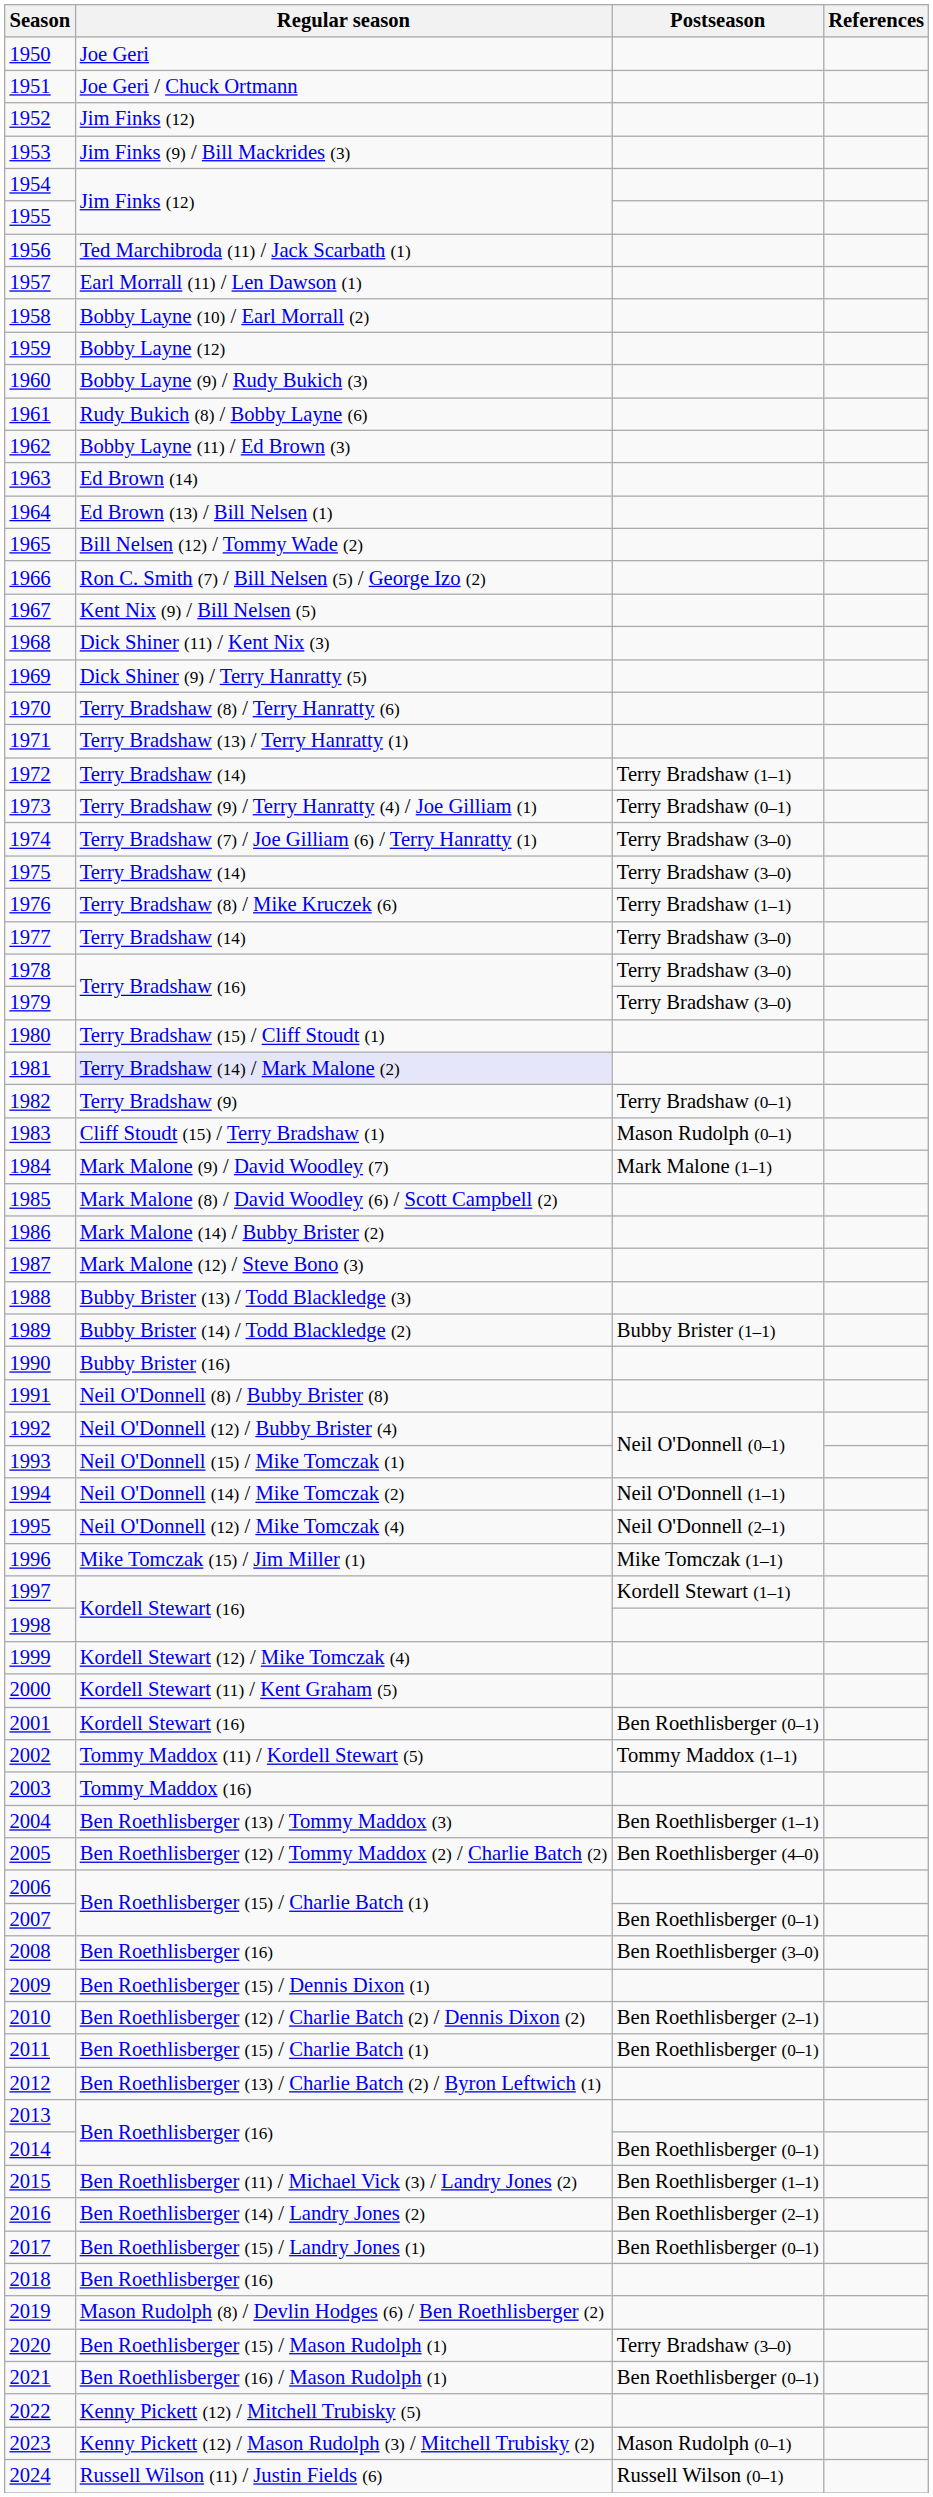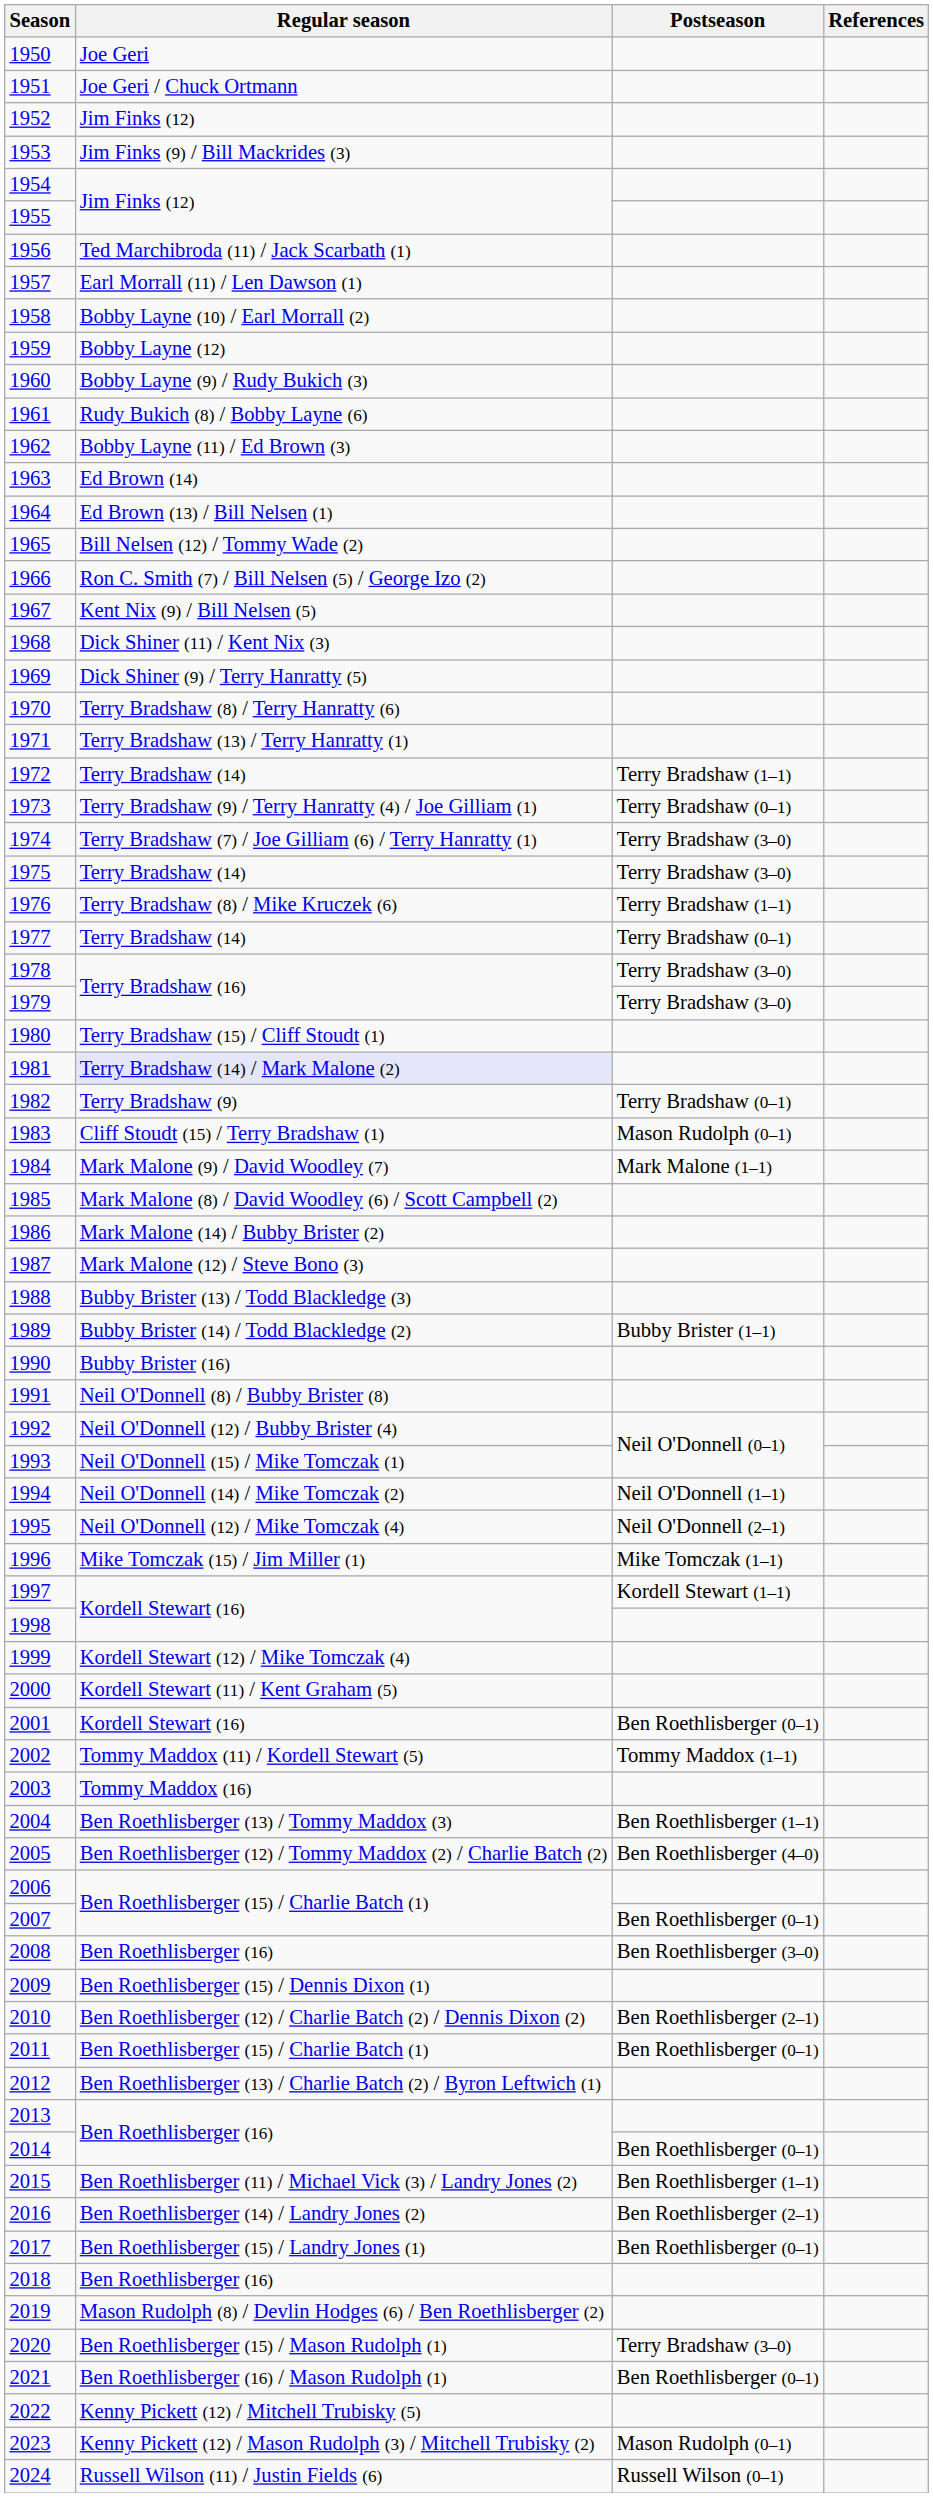 <table class="wikitable">
 <tr>
 <th>Season</th>
 <th>Regular season</th>
 <th>Postseason</th>
 <th>References</th>
 </tr>
 <tr>
 <td><a href='#'>1950</a></td>
 <td><a href='#'>Joe Geri</a></td>
 <td></td>
 <td align="center"></td>
 </tr>
 <tr>
 <td><a href='#'>1951</a></td>
 <td><a href='#'>Joe Geri</a> / <a href='#'>Chuck Ortmann</a></td>
 <td></td>
 <td align="center"></td>
 </tr>
 <tr>
 <td><a href='#'>1952</a></td>
 <td><a href='#'>Jim Finks</a> <small>(12)</small></td>
 <td></td>
 <td align="center"></td>
 </tr>
 <tr>
 <td><a href='#'>1953</a></td>
 <td><a href='#'>Jim Finks</a> <small>(9)</small> / <a href='#'>Bill Mackrides</a> <small>(3)</small></td>
 <td></td>
 <td align="center"></td>
 </tr>
 <tr>
 <td><a href='#'>1954</a></td>
 <td rowspan="2"><a href='#'>Jim Finks</a> <small>(12)</small></td>
 <td></td>
 <td align="center"></td>
 </tr>
 <tr>
 <td><a href='#'>1955</a></td>
 <td></td>
 <td align="center"></td>
 </tr>
 <tr>
 <td><a href='#'>1956</a></td>
 <td><a href='#'>Ted Marchibroda</a> <small>(11)</small> / <a href='#'>Jack Scarbath</a> <small>(1)</small></td>
 <td></td>
 <td align="center"></td>
 </tr>
 <tr>
 <td><a href='#'>1957</a></td>
 <td><a href='#'>Earl Morrall</a> <small>(11)</small> / <a href='#'>Len Dawson</a> <small>(1)</small></td>
 <td></td>
 <td align="center"></td>
 </tr>
 <tr>
 <td><a href='#'>1958</a></td>
 <td><a href='#'>Bobby Layne</a> <small>(10)</small> / <a href='#'>Earl Morrall</a> <small>(2)</small></td>
 <td></td>
 <td align="center"></td>
 </tr>
 <tr>
 <td><a href='#'>1959</a></td>
 <td><a href='#'>Bobby Layne</a> <small>(12)</small></td>
 <td></td>
 <td align="center"></td>
 </tr>
 <tr>
 <td><a href='#'>1960</a></td>
 <td><a href='#'>Bobby Layne</a> <small>(9)</small> / <a href='#'>Rudy Bukich</a> <small>(3)</small></td>
 <td></td>
 <td align="center"></td>
 </tr>
 <tr>
 <td><a href='#'>1961</a></td>
 <td><a href='#'>Rudy Bukich</a> <small>(8)</small> / <a href='#'>Bobby Layne</a> <small>(6)</small></td>
 <td></td>
 <td align="center"></td>
 </tr>
 <tr>
 <td><a href='#'>1962</a></td>
 <td><a href='#'>Bobby Layne</a> <small>(11)</small> / <a href='#'>Ed Brown</a> <small>(3)</small></td>
 <td></td>
 <td align="center"></td>
 </tr>
 <tr>
 <td><a href='#'>1963</a></td>
 <td><a href='#'>Ed Brown</a> <small>(14)</small></td>
 <td></td>
 <td align="center"></td>
 </tr>
 <tr>
 <td><a href='#'>1964</a></td>
 <td><a href='#'>Ed Brown</a> <small>(13)</small> / <a href='#'>Bill Nelsen</a> <small>(1)</small></td>
 <td></td>
 <td align="center"></td>
 </tr>
 <tr>
 <td><a href='#'>1965</a></td>
 <td><a href='#'>Bill Nelsen</a> <small>(12)</small> / <a href='#'>Tommy Wade</a> <small>(2)</small></td>
 <td></td>
 <td align="center"></td>
 </tr>
 <tr>
 <td><a href='#'>1966</a></td>
 <td><a href='#'>Ron C. Smith</a> <small>(7)</small> / <a href='#'>Bill Nelsen</a> <small>(5)</small> / <a href='#'>George Izo</a> <small>(2)</small></td>
 <td></td>
 <td align="center"></td>
 </tr>
 <tr>
 <td><a href='#'>1967</a></td>
 <td><a href='#'>Kent Nix</a> <small>(9)</small> / <a href='#'>Bill Nelsen</a> <small>(5)</small></td>
 <td></td>
 <td align="center"></td>
 </tr>
 <tr>
 <td><a href='#'>1968</a></td>
 <td><a href='#'>Dick Shiner</a> <small>(11)</small> / <a href='#'>Kent Nix</a> <small>(3)</small></td>
 <td></td>
 <td align="center"></td>
 </tr>
 <tr>
 <td><a href='#'>1969</a></td>
 <td><a href='#'>Dick Shiner</a> <small>(9)</small> / <a href='#'>Terry Hanratty</a> <small>(5)</small></td>
 <td></td>
 <td align="center"></td>
 </tr>
 <tr>
 <td><a href='#'>1970</a></td>
 <td><a href='#'>Terry Bradshaw</a> <small>(8)</small> / <a href='#'>Terry Hanratty</a> <small>(6)</small></td>
 <td></td>
 <td align="center"></td>
 </tr>
 <tr>
 <td><a href='#'>1971</a></td>
 <td><a href='#'>Terry Bradshaw</a> <small>(13)</small> / <a href='#'>Terry Hanratty</a> <small>(1)</small></td>
 <td></td>
 <td align="center"></td>
 </tr>
 <tr>
 <td><a href='#'>1972</a></td>
 <td><a href='#'>Terry Bradshaw</a> <small>(14)</small></td>
 <td>Terry Bradshaw <small>(1–1)</small></td>
 <td align="center"></td>
 </tr>
 <tr>
 <td><a href='#'>1973</a></td>
 <td><a href='#'>Terry Bradshaw</a> <small>(9)</small> / <a href='#'>Terry Hanratty</a> <small>(4)</small> / <a href='#'>Joe Gilliam</a> <small>(1)</small></td>
 <td>Terry Bradshaw <small>(0–1)</small></td>
 <td align="center"></td>
 </tr>
 <tr>
 <td><a href='#'>1974</a></td>
 <td><a href='#'>Terry Bradshaw</a> <small>(7)</small> / <a href='#'>Joe Gilliam</a> <small>(6)</small> / <a href='#'>Terry Hanratty</a> <small>(1)</small></td>
 <td>Terry Bradshaw <small>(3–0)</small></td>
 <td align="center"></td>
 </tr>
 <tr>
 <td><a href='#'>1975</a></td>
 <td><a href='#'>Terry Bradshaw</a> <small>(14)</small></td>
 <td>Terry Bradshaw <small>(3–0)</small></td>
 <td align="center"></td>
 </tr>
 <tr>
 <td><a href='#'>1976</a></td>
 <td><a href='#'>Terry Bradshaw</a> <small>(8)</small> / <a href='#'>Mike Kruczek</a> <small>(6)</small></td>
 <td>Terry Bradshaw <small>(1–1)</small></td>
 <td align="center"></td>
 </tr>
 <tr>
 <td><a href='#'>1977</a></td>
 <td><a href='#'>Terry Bradshaw</a> <small>(14)</small></td>
-<td>Terry Bradshaw <small>(3–0)</small></td>
+<td>Terry Bradshaw <small>(0–1)</small></td>
 <td align="center"></td>
 </tr>
 <tr>
 <td><a href='#'>1978</a></td>
 <td rowspan="2"><a href='#'>Terry Bradshaw</a> <small>(16)</small></td>
 <td>Terry Bradshaw <small>(3–0)</small></td>
 <td align="center"></td>
 </tr>
 <tr>
 <td><a href='#'>1979</a></td>
 <td>Terry Bradshaw <small>(3–0)</small></td>
 <td align="center"></td>
 </tr>
 <tr>
 <td><a href='#'>1980</a></td>
 <td><a href='#'>Terry Bradshaw</a> <small>(15)</small> / <a href='#'>Cliff Stoudt</a> <small>(1)</small></td>
 <td></td>
 <td align="center"></td>
 </tr>
 <tr>
 <td><a href='#'>1981</a></td>
 <td style="background: lavender;"><a href='#'>Terry Bradshaw</a> <small>(14)</small> / <a href='#'>Mark Malone</a> <small>(2)</small></td>
 <td></td>
 <td align="center"></td>
 </tr>
 <tr>
 <td><a href='#'>1982</a></td>
 <td><a href='#'>Terry Bradshaw</a> <small>(9)</small></td>
 <td>Terry Bradshaw <small>(0–1)</small></td>
 <td align="center"></td>
 </tr>
 <tr>
 <td><a href='#'>1983</a></td>
 <td><a href='#'>Cliff Stoudt</a> <small>(15)</small> / <a href='#'>Terry Bradshaw</a> <small>(1)</small></td>
 <td>Mason Rudolph <small>(0–1)</small></td>
 <td align="center"></td>
 </tr>
 <tr>
 <td><a href='#'>1984</a></td>
 <td><a href='#'>Mark Malone</a> <small>(9)</small> / <a href='#'>David Woodley</a> <small>(7)</small></td>
 <td>Mark Malone <small>(1–1)</small></td>
 <td align="center"></td>
 </tr>
 <tr>
 <td><a href='#'>1985</a></td>
 <td><a href='#'>Mark Malone</a> <small>(8)</small> / <a href='#'>David Woodley</a> <small>(6)</small> / <a href='#'>Scott Campbell</a> <small>(2)</small></td>
 <td></td>
 <td align="center"></td>
 </tr>
 <tr>
 <td><a href='#'>1986</a></td>
 <td><a href='#'>Mark Malone</a> <small>(14)</small> / <a href='#'>Bubby Brister</a> <small>(2)</small></td>
 <td></td>
 <td align="center"></td>
 </tr>
 <tr>
 <td><a href='#'>1987</a></td>
 <td><a href='#'>Mark Malone</a> <small>(12)</small> / <a href='#'>Steve Bono</a> <small>(3)</small></td>
 <td></td>
 <td align="center"></td>
 </tr>
 <tr>
 <td><a href='#'>1988</a></td>
 <td><a href='#'>Bubby Brister</a> <small>(13)</small> / <a href='#'>Todd Blackledge</a> <small>(3)</small></td>
 <td></td>
 <td align="center"></td>
 </tr>
 <tr>
 <td><a href='#'>1989</a></td>
 <td><a href='#'>Bubby Brister</a> <small>(14)</small> / <a href='#'>Todd Blackledge</a> <small>(2)</small></td>
 <td>Bubby Brister <small>(1–1)</small></td>
 <td align="center"></td>
 </tr>
 <tr>
 <td><a href='#'>1990</a></td>
 <td><a href='#'>Bubby Brister</a> <small>(16)</small></td>
 <td></td>
 <td align="center"></td>
 </tr>
 <tr>
 <td><a href='#'>1991</a></td>
 <td><a href='#'>Neil O'Donnell</a> <small>(8)</small> / <a href='#'>Bubby Brister</a> <small>(8)</small></td>
 <td></td>
 <td align="center"></td>
 </tr>
 <tr>
 <td><a href='#'>1992</a></td>
 <td><a href='#'>Neil O'Donnell</a> <small>(12)</small> / <a href='#'>Bubby Brister</a> <small>(4)</small></td>
 <td rowspan="2">Neil O'Donnell <small>(0–1)</small></td>
 <td align="center"></td>
 </tr>
 <tr>
 <td><a href='#'>1993</a></td>
 <td><a href='#'>Neil O'Donnell</a> <small>(15)</small> / <a href='#'>Mike Tomczak</a> <small>(1)</small></td>
 <td align="center"></td>
 </tr>
 <tr>
 <td><a href='#'>1994</a></td>
 <td><a href='#'>Neil O'Donnell</a> <small>(14)</small> / <a href='#'>Mike Tomczak</a> <small>(2)</small></td>
 <td>Neil O'Donnell <small>(1–1)</small></td>
 <td align="center"></td>
 </tr>
 <tr>
 <td><a href='#'>1995</a></td>
 <td><a href='#'>Neil O'Donnell</a> <small>(12)</small> / <a href='#'>Mike Tomczak</a> <small>(4)</small></td>
 <td>Neil O'Donnell <small>(2–1)</small></td>
 <td align="center"></td>
 </tr>
 <tr>
 <td><a href='#'>1996</a></td>
 <td><a href='#'>Mike Tomczak</a> <small>(15)</small> / <a href='#'>Jim Miller</a> <small>(1)</small></td>
 <td>Mike Tomczak <small>(1–1)</small></td>
 <td align="center"></td>
 </tr>
 <tr>
 <td><a href='#'>1997</a></td>
 <td rowspan="2"><a href='#'>Kordell Stewart</a> <small>(16)</small></td>
 <td>Kordell Stewart <small>(1–1)</small></td>
 <td align="center"></td>
 </tr>
 <tr>
 <td><a href='#'>1998</a></td>
 <td></td>
 <td align="center"></td>
 </tr>
 <tr>
 <td><a href='#'>1999</a></td>
 <td><a href='#'>Kordell Stewart</a> <small>(12)</small> / <a href='#'>Mike Tomczak</a> <small>(4)</small></td>
 <td></td>
 <td align="center"></td>
 </tr>
 <tr>
 <td><a href='#'>2000</a></td>
 <td><a href='#'>Kordell Stewart</a> <small>(11)</small> / <a href='#'>Kent Graham</a> <small>(5)</small></td>
 <td></td>
 <td align="center"></td>
 </tr>
 <tr>
 <td><a href='#'>2001</a></td>
 <td><a href='#'>Kordell Stewart</a> <small>(16)</small></td>
 <td>Ben Roethlisberger <small>(0–1)</small></td>
 <td align="center"></td>
 </tr>
 <tr>
 <td><a href='#'>2002</a></td>
 <td><a href='#'>Tommy Maddox</a> <small>(11)</small> / <a href='#'>Kordell Stewart</a> <small>(5)</small></td>
 <td>Tommy Maddox <small>(1–1)</small></td>
 <td align="center"></td>
 </tr>
 <tr>
 <td><a href='#'>2003</a></td>
 <td><a href='#'>Tommy Maddox</a> <small>(16)</small></td>
 <td></td>
 <td align="center"></td>
 </tr>
 <tr>
 <td><a href='#'>2004</a></td>
 <td><a href='#'>Ben Roethlisberger</a> <small>(13)</small> / <a href='#'>Tommy Maddox</a> <small>(3)</small></td>
 <td>Ben Roethlisberger <small>(1–1)</small></td>
 <td align="center"></td>
 </tr>
 <tr>
 <td><a href='#'>2005</a></td>
 <td><a href='#'>Ben Roethlisberger</a> <small>(12)</small> / <a href='#'>Tommy Maddox</a> <small>(2)</small> / <a href='#'>Charlie Batch</a> <small>(2)</small></td>
 <td>Ben Roethlisberger <small>(4–0)</small></td>
 <td align="center"></td>
 </tr>
 <tr>
 <td><a href='#'>2006</a></td>
 <td rowspan="2"><a href='#'>Ben Roethlisberger</a> <small>(15)</small> / <a href='#'>Charlie Batch</a> <small>(1)</small></td>
 <td></td>
 <td align="center"></td>
 </tr>
 <tr>
 <td><a href='#'>2007</a></td>
 <td>Ben Roethlisberger <small>(0–1)</small></td>
 <td align="center"></td>
 </tr>
 <tr>
 <td><a href='#'>2008</a></td>
 <td><a href='#'>Ben Roethlisberger</a> <small>(16)</small></td>
 <td>Ben Roethlisberger <small>(3–0)</small></td>
 <td align="center"></td>
 </tr>
 <tr>
 <td><a href='#'>2009</a></td>
 <td><a href='#'>Ben Roethlisberger</a> <small>(15)</small> / <a href='#'>Dennis Dixon</a> <small>(1)</small></td>
 <td></td>
 <td align="center"></td>
 </tr>
 <tr>
 <td><a href='#'>2010</a></td>
 <td><a href='#'>Ben Roethlisberger</a> <small>(12)</small> / <a href='#'>Charlie Batch</a> <small>(2)</small> / <a href='#'>Dennis Dixon</a> <small>(2)</small></td>
 <td>Ben Roethlisberger <small>(2–1)</small></td>
 <td align="center"></td>
 </tr>
 <tr>
 <td><a href='#'>2011</a></td>
 <td><a href='#'>Ben Roethlisberger</a> <small>(15)</small> / <a href='#'>Charlie Batch</a> <small>(1)</small></td>
 <td>Ben Roethlisberger <small>(0–1)</small></td>
 <td align="center"></td>
 </tr>
 <tr>
 <td><a href='#'>2012</a></td>
 <td><a href='#'>Ben Roethlisberger</a> <small>(13)</small> / <a href='#'>Charlie Batch</a> <small>(2)</small> / <a href='#'>Byron Leftwich</a> <small>(1)</small></td>
 <td></td>
 <td align="center"></td>
 </tr>
 <tr>
 <td><a href='#'>2013</a></td>
 <td rowspan="2"><a href='#'>Ben Roethlisberger</a> <small>(16)</small></td>
 <td></td>
 <td align="center"></td>
 </tr>
 <tr>
 <td><a href='#'>2014</a></td>
 <td>Ben Roethlisberger <small>(0–1)</small></td>
 <td align="center"></td>
 </tr>
 <tr>
 <td><a href='#'>2015</a></td>
 <td><a href='#'>Ben Roethlisberger</a> <small>(11)</small> / <a href='#'>Michael Vick</a> <small>(3)</small> / <a href='#'>Landry Jones</a> <small>(2)</small></td>
 <td>Ben Roethlisberger <small>(1–1)</small></td>
 <td align="center"></td>
 </tr>
 <tr>
 <td><a href='#'>2016</a></td>
 <td><a href='#'>Ben Roethlisberger</a> <small>(14)</small> / <a href='#'>Landry Jones</a> <small>(2)</small></td>
 <td>Ben Roethlisberger <small>(2–1)</small></td>
 <td align="center"></td>
 </tr>
 <tr>
 <td><a href='#'>2017</a></td>
 <td><a href='#'>Ben Roethlisberger</a> <small>(15)</small> / <a href='#'>Landry Jones</a> <small>(1)</small></td>
 <td>Ben Roethlisberger <small>(0–1)</small></td>
 <td align="center"></td>
 </tr>
 <tr>
 <td><a href='#'>2018</a></td>
 <td><a href='#'>Ben Roethlisberger</a> <small>(16)</small></td>
 <td></td>
 <td align="center"></td>
 </tr>
 <tr>
 <td><a href='#'>2019</a></td>
 <td><a href='#'>Mason Rudolph</a> <small>(8)</small> / <a href='#'>Devlin Hodges</a> <small>(6)</small> / <a href='#'>Ben Roethlisberger</a> <small>(2)</small></td>
 <td></td>
 <td align="center"></td>
 </tr>
 <tr>
 <td><a href='#'>2020</a></td>
 <td><a href='#'>Ben Roethlisberger</a> <small>(15)</small> / <a href='#'>Mason Rudolph</a> <small>(1)</small></td>
 <td>Terry Bradshaw <small>(3–0)</small></td>
 <td align="center"></td>
 </tr>
 <tr>
 <td><a href='#'>2021</a></td>
 <td><a href='#'>Ben Roethlisberger</a> <small>(16)</small> / <a href='#'>Mason Rudolph</a> <small>(1)</small></td>
 <td>Ben Roethlisberger <small>(0–1)</small></td>
 <td align="center"></td>
 </tr>
 <tr>
 <td><a href='#'>2022</a></td>
 <td><a href='#'>Kenny Pickett</a> <small>(12)</small> / <a href='#'>Mitchell Trubisky</a> <small>(5)</small></td>
 <td></td>
 <td align="center"></td>
 </tr>
 <tr>
 <td><a href='#'>2023</a></td>
 <td><a href='#'>Kenny Pickett</a> <small>(12)</small> / <a href='#'>Mason Rudolph</a> <small>(3)</small> / <a href='#'>Mitchell Trubisky</a> <small>(2)</small></td>
 <td>Mason Rudolph <small>(0–1)</small></td>
 <td align="center"></td>
 </tr>
 <tr>
 <td><a href='#'>2024</a></td>
 <td><a href='#'>Russell Wilson</a> <small>(11)</small> / <a href='#'>Justin Fields</a> <small>(6)</small></td>
 <td>Russell Wilson <small>(0–1)</small></td>
 <td align="center"></td>
 </tr>
 </table>
